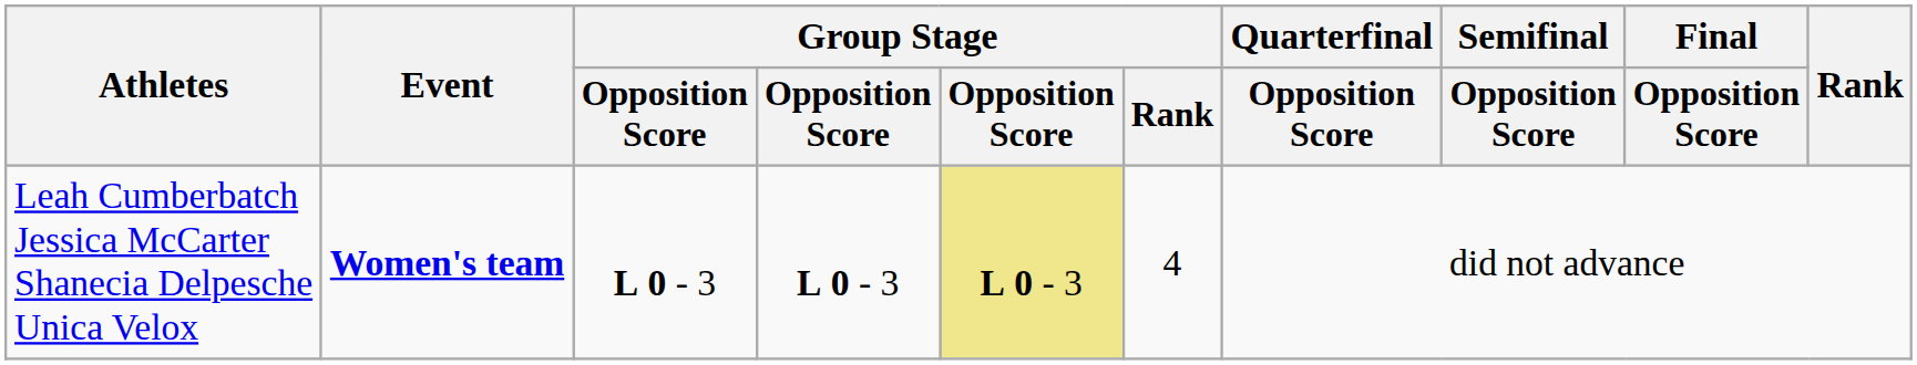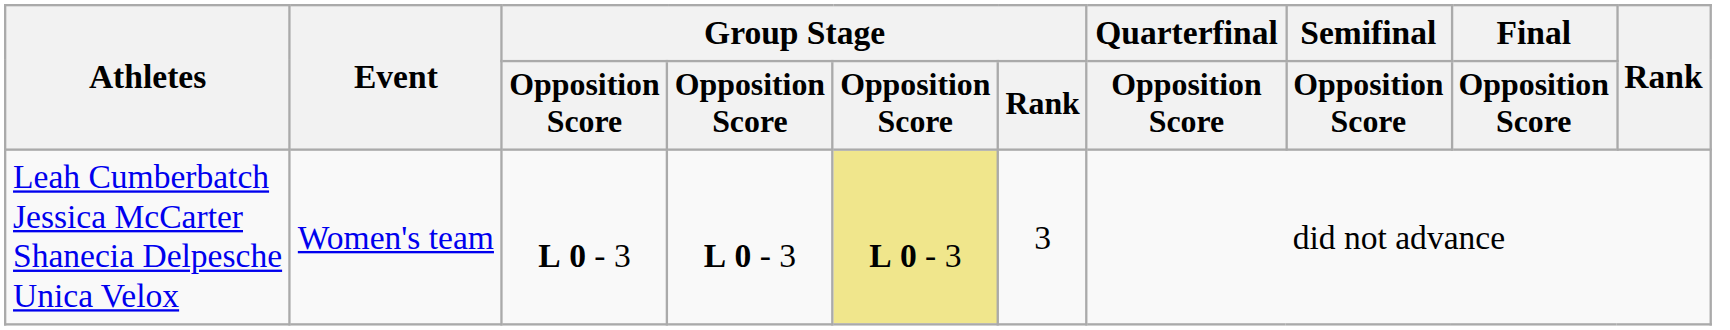 <table class="wikitable" style="font-size:90%; text-align:center">
 <tr>
 <th rowspan=2>Athletes</th>
 <th rowspan=2>Event</th>
 <th colspan=4>Group Stage</th>
 <th>Quarterfinal</th>
 <th>Semifinal</th>
 <th>Final</th>
 <th rowspan=2>Rank</th>
 </tr>
 <tr style="font-size:95%">
 <th>Opposition<br>Score</th>
 <th>Opposition<br>Score</th>
 <th>Opposition<br>Score</th>
 <th>Rank</th>
 <th>Opposition<br>Score</th>
 <th>Opposition<br>Score</th>
 <th>Opposition<br>Score</th>
 </tr>
 <tr>
 <td align=left><a href='#'>Leah Cumberbatch</a><br><a href='#'>Jessica McCarter</a><br><a href='#'>Shanecia Delpesche</a><br><a href='#'>Unica Velox</a></td>
-<td align=left><strong><a href='#'>Women's team</a></strong></td>
+<td align=left><a href='#'>Women's team</a></td>
 <td><br><strong>L</strong> <strong>0</strong> - 3</td>
 <td><br><strong>L</strong> <strong>0</strong> - 3</td>
 <td style="background: khaki;"><br><strong>L</strong> <strong>0</strong> - 3</td>
-<td>4</td>
+<td>3</td>
 <td colspan=4>did not advance</td>
 </tr>
 </table>
